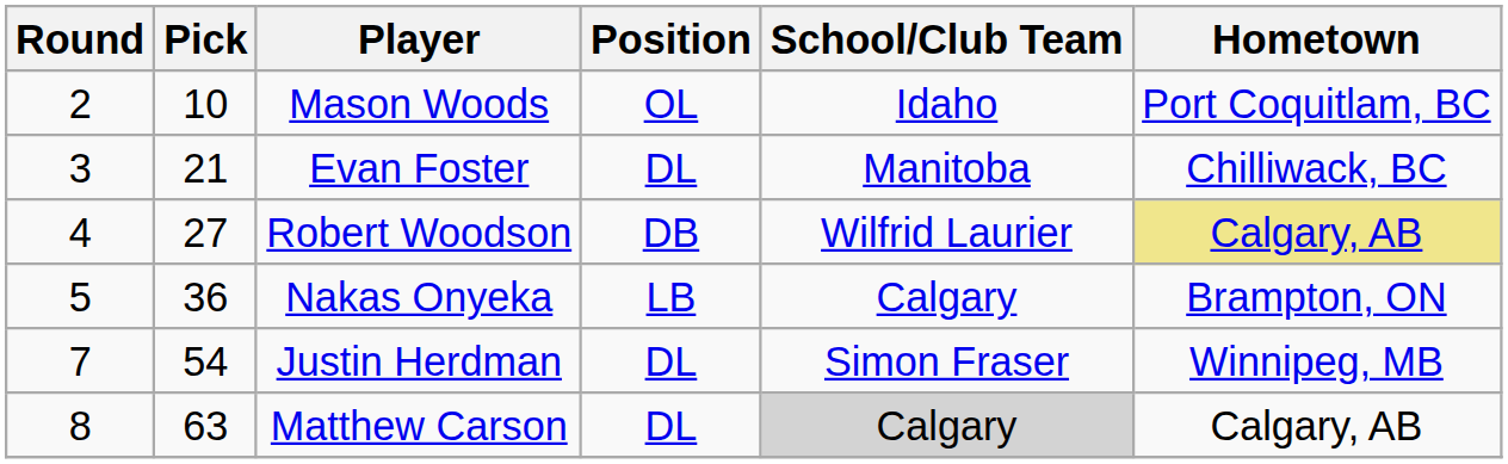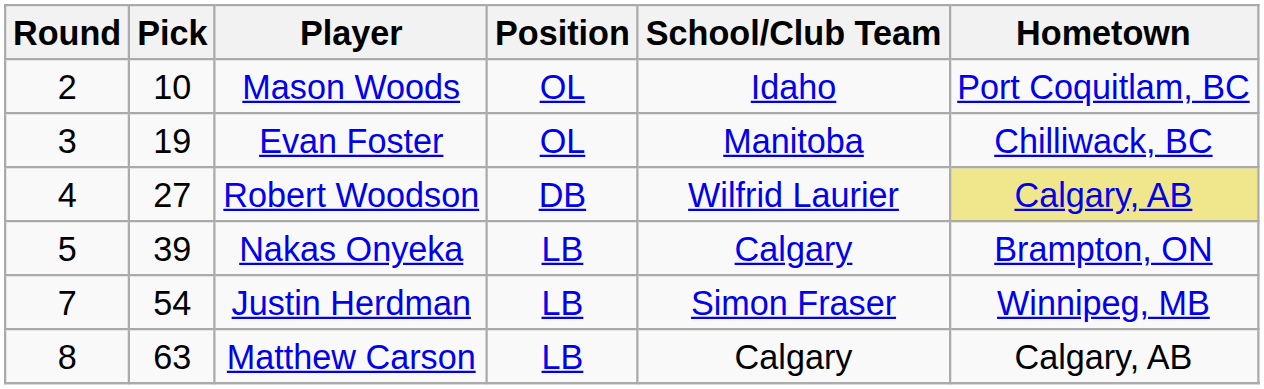 <table class="wikitable" style="font-size: 95%;">
 <tr>
 <th scope="col">Round</th>
 <th scope="col">Pick</th>
 <th scope="col">Player</th>
 <th scope="col">Position</th>
 <th scope="col">School/Club Team</th>
 <th scope="col">Hometown</th>
 </tr>
 <tr align="center">
 <td align=center>2</td>
 <td>10</td>
 <td><a href='#'>Mason Woods</a></td>
 <td><a href='#'>OL</a></td>
 <td><a href='#'>Idaho</a></td>
 <td><a href='#'>Port Coquitlam, BC</a></td>
 </tr>
 <tr align="center">
 <td align=center>3</td>
-<td>21</td>
+<td>19</td>
 <td><a href='#'>Evan Foster</a></td>
-<td><a href='#'>DL</a></td>
+<td><a href='#'>OL</a></td>
 <td><a href='#'>Manitoba</a></td>
 <td><a href='#'>Chilliwack, BC</a></td>
 </tr>
 <tr align="center">
 <td align=center>4</td>
 <td>27</td>
 <td><a href='#'>Robert Woodson</a></td>
 <td><a href='#'>DB</a></td>
 <td><a href='#'>Wilfrid Laurier</a></td>
 <td style="background: khaki;"><a href='#'>Calgary, AB</a></td>
 </tr>
 <tr align="center">
 <td align=center>5</td>
-<td>36</td>
+<td>39</td>
 <td><a href='#'>Nakas Onyeka</a></td>
 <td><a href='#'>LB</a></td>
 <td><a href='#'>Calgary</a></td>
 <td><a href='#'>Brampton, ON</a></td>
 </tr>
 <tr align="center">
 <td align=center>7</td>
 <td>54</td>
 <td><a href='#'>Justin Herdman</a></td>
-<td><a href='#'>DL</a></td>
+<td><a href='#'>LB</a></td>
 <td><a href='#'>Simon Fraser</a></td>
 <td><a href='#'>Winnipeg, MB</a></td>
 </tr>
 <tr align="center">
 <td align=center>8</td>
 <td>63</td>
 <td><a href='#'>Matthew Carson</a></td>
-<td><a href='#'>DL</a></td>
-<td style="background: lightgrey;">Calgary</td>
+<td><a href='#'>LB</a></td>
+<td>Calgary</td>
 <td>Calgary, AB</td>
 </tr>
 <tr>
 </tr>
 </table>
